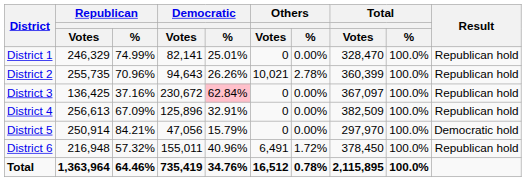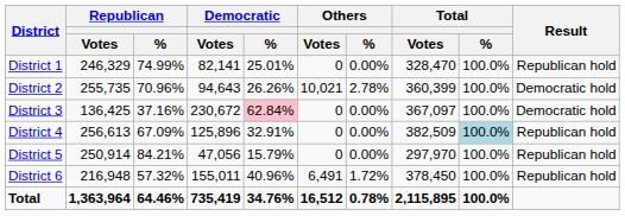 <table class="wikitable plainrowheaders sortable" style="font-size:100%; text-align:right;">
 <tr>
 <th scope=col rowspan=3><a href='#'>District</a></th>
 <th scope=col colspan=2><a href='#'>Republican</a></th>
 <th scope=col colspan=2><a href='#'>Democratic</a></th>
 <th scope=col colspan=2>Others</th>
 <th scope=col colspan=2>Total</th>
 <th scope=col rowspan=3>Result</th>
 </tr>
 <tr>
 <th scope=col colspan=2 style="background:"></th>
 <th scope=col colspan=2 style="background:"></th>
 <th scope=col colspan=2></th>
 <th scope=col colspan=2></th>
 </tr>
 <tr>
 <th scope=col data-sort-type="number">Votes</th>
 <th scope=col data-sort-type="number">%</th>
 <th scope=col data-sort-type="number">Votes</th>
 <th scope=col data-sort-type="number">%</th>
 <th scope=col data-sort-type="number">Votes</th>
 <th scope=col data-sort-type="number">%</th>
 <th scope=col data-sort-type="number">Votes</th>
 <th scope=col data-sort-type="number">%</th>
 </tr>
 <tr>
 <td align=left><a href='#'>District 1</a></td>
 <td>246,329</td>
 <td>74.99%</td>
 <td>82,141</td>
 <td>25.01%</td>
 <td>0</td>
 <td>0.00%</td>
 <td>328,470</td>
 <td>100.0%</td>
 <td>Republican hold</td>
 </tr>
 <tr>
 <td align=left><a href='#'>District 2</a></td>
 <td>255,735</td>
 <td>70.96%</td>
 <td>94,643</td>
 <td>26.26%</td>
 <td>10,021</td>
 <td>2.78%</td>
 <td>360,399</td>
 <td>100.0%</td>
-<td>Republican hold</td>
+<td>Democratic hold</td>
 </tr>
 <tr>
 <td align=left><a href='#'>District 3</a></td>
 <td>136,425</td>
 <td>37.16%</td>
 <td>230,672</td>
 <td style="background: pink;">62.84%</td>
 <td>0</td>
 <td>0.00%</td>
 <td>367,097</td>
 <td>100.0%</td>
-<td>Republican hold</td>
+<td>Democratic hold</td>
 </tr>
 <tr>
 <td align=left><a href='#'>District 4</a></td>
 <td>256,613</td>
 <td>67.09%</td>
 <td>125,896</td>
 <td>32.91%</td>
 <td>0</td>
 <td>0.00%</td>
 <td>382,509</td>
-<td>100.0%</td>
+<td style="background: lightblue;">100.0%</td>
 <td>Republican hold</td>
 </tr>
 <tr>
 <td align=left><a href='#'>District 5</a></td>
 <td>250,914</td>
 <td>84.21%</td>
 <td>47,056</td>
 <td>15.79%</td>
 <td>0</td>
 <td>0.00%</td>
 <td>297,970</td>
 <td>100.0%</td>
-<td>Democratic hold</td>
+<td>Republican hold</td>
 </tr>
 <tr>
 <td align=left><a href='#'>District 6</a></td>
 <td>216,948</td>
 <td>57.32%</td>
 <td>155,011</td>
 <td>40.96%</td>
 <td>6,491</td>
 <td>1.72%</td>
 <td>378,450</td>
 <td>100.0%</td>
 <td>Republican hold</td>
 </tr>
 <tr class="sortbottom" style="font-weight:bold">
 <td align=left>Total</td>
 <td>1,363,964</td>
 <td>64.46%</td>
 <td>735,419</td>
 <td>34.76%</td>
 <td>16,512</td>
 <td>0.78%</td>
 <td>2,115,895</td>
 <td>100.0%</td>
 <td></td>
 </tr>
 </table>
